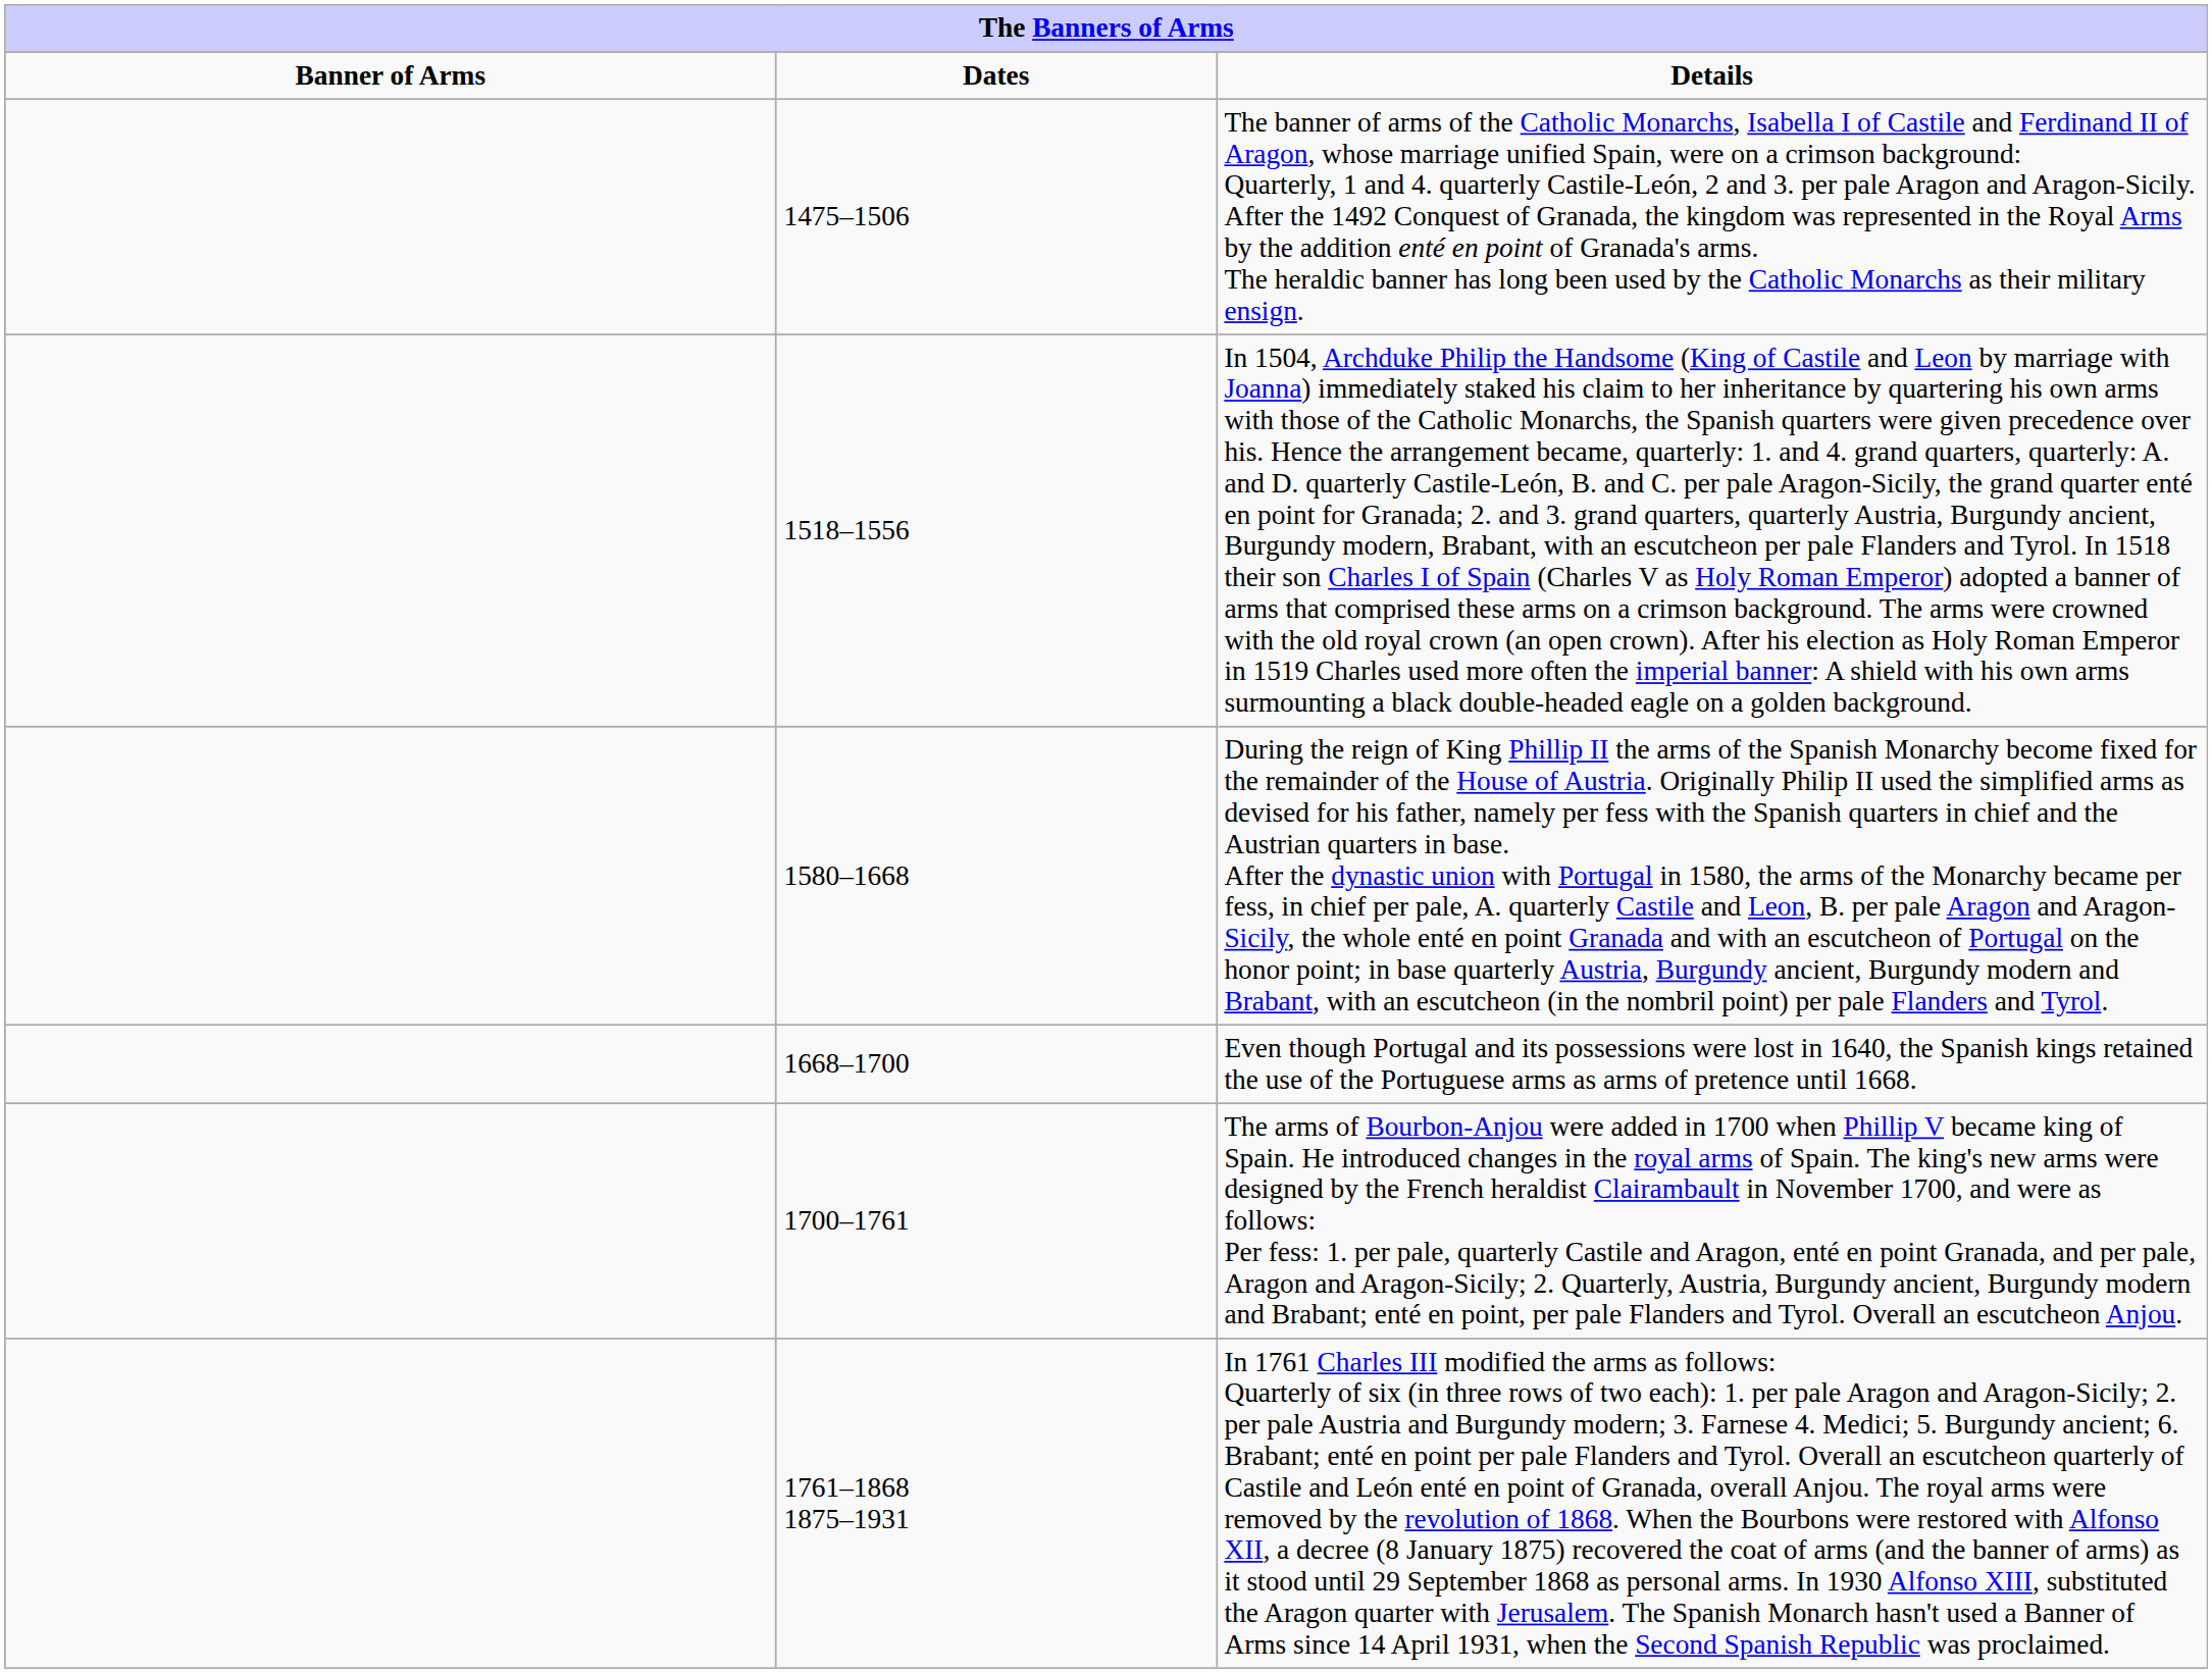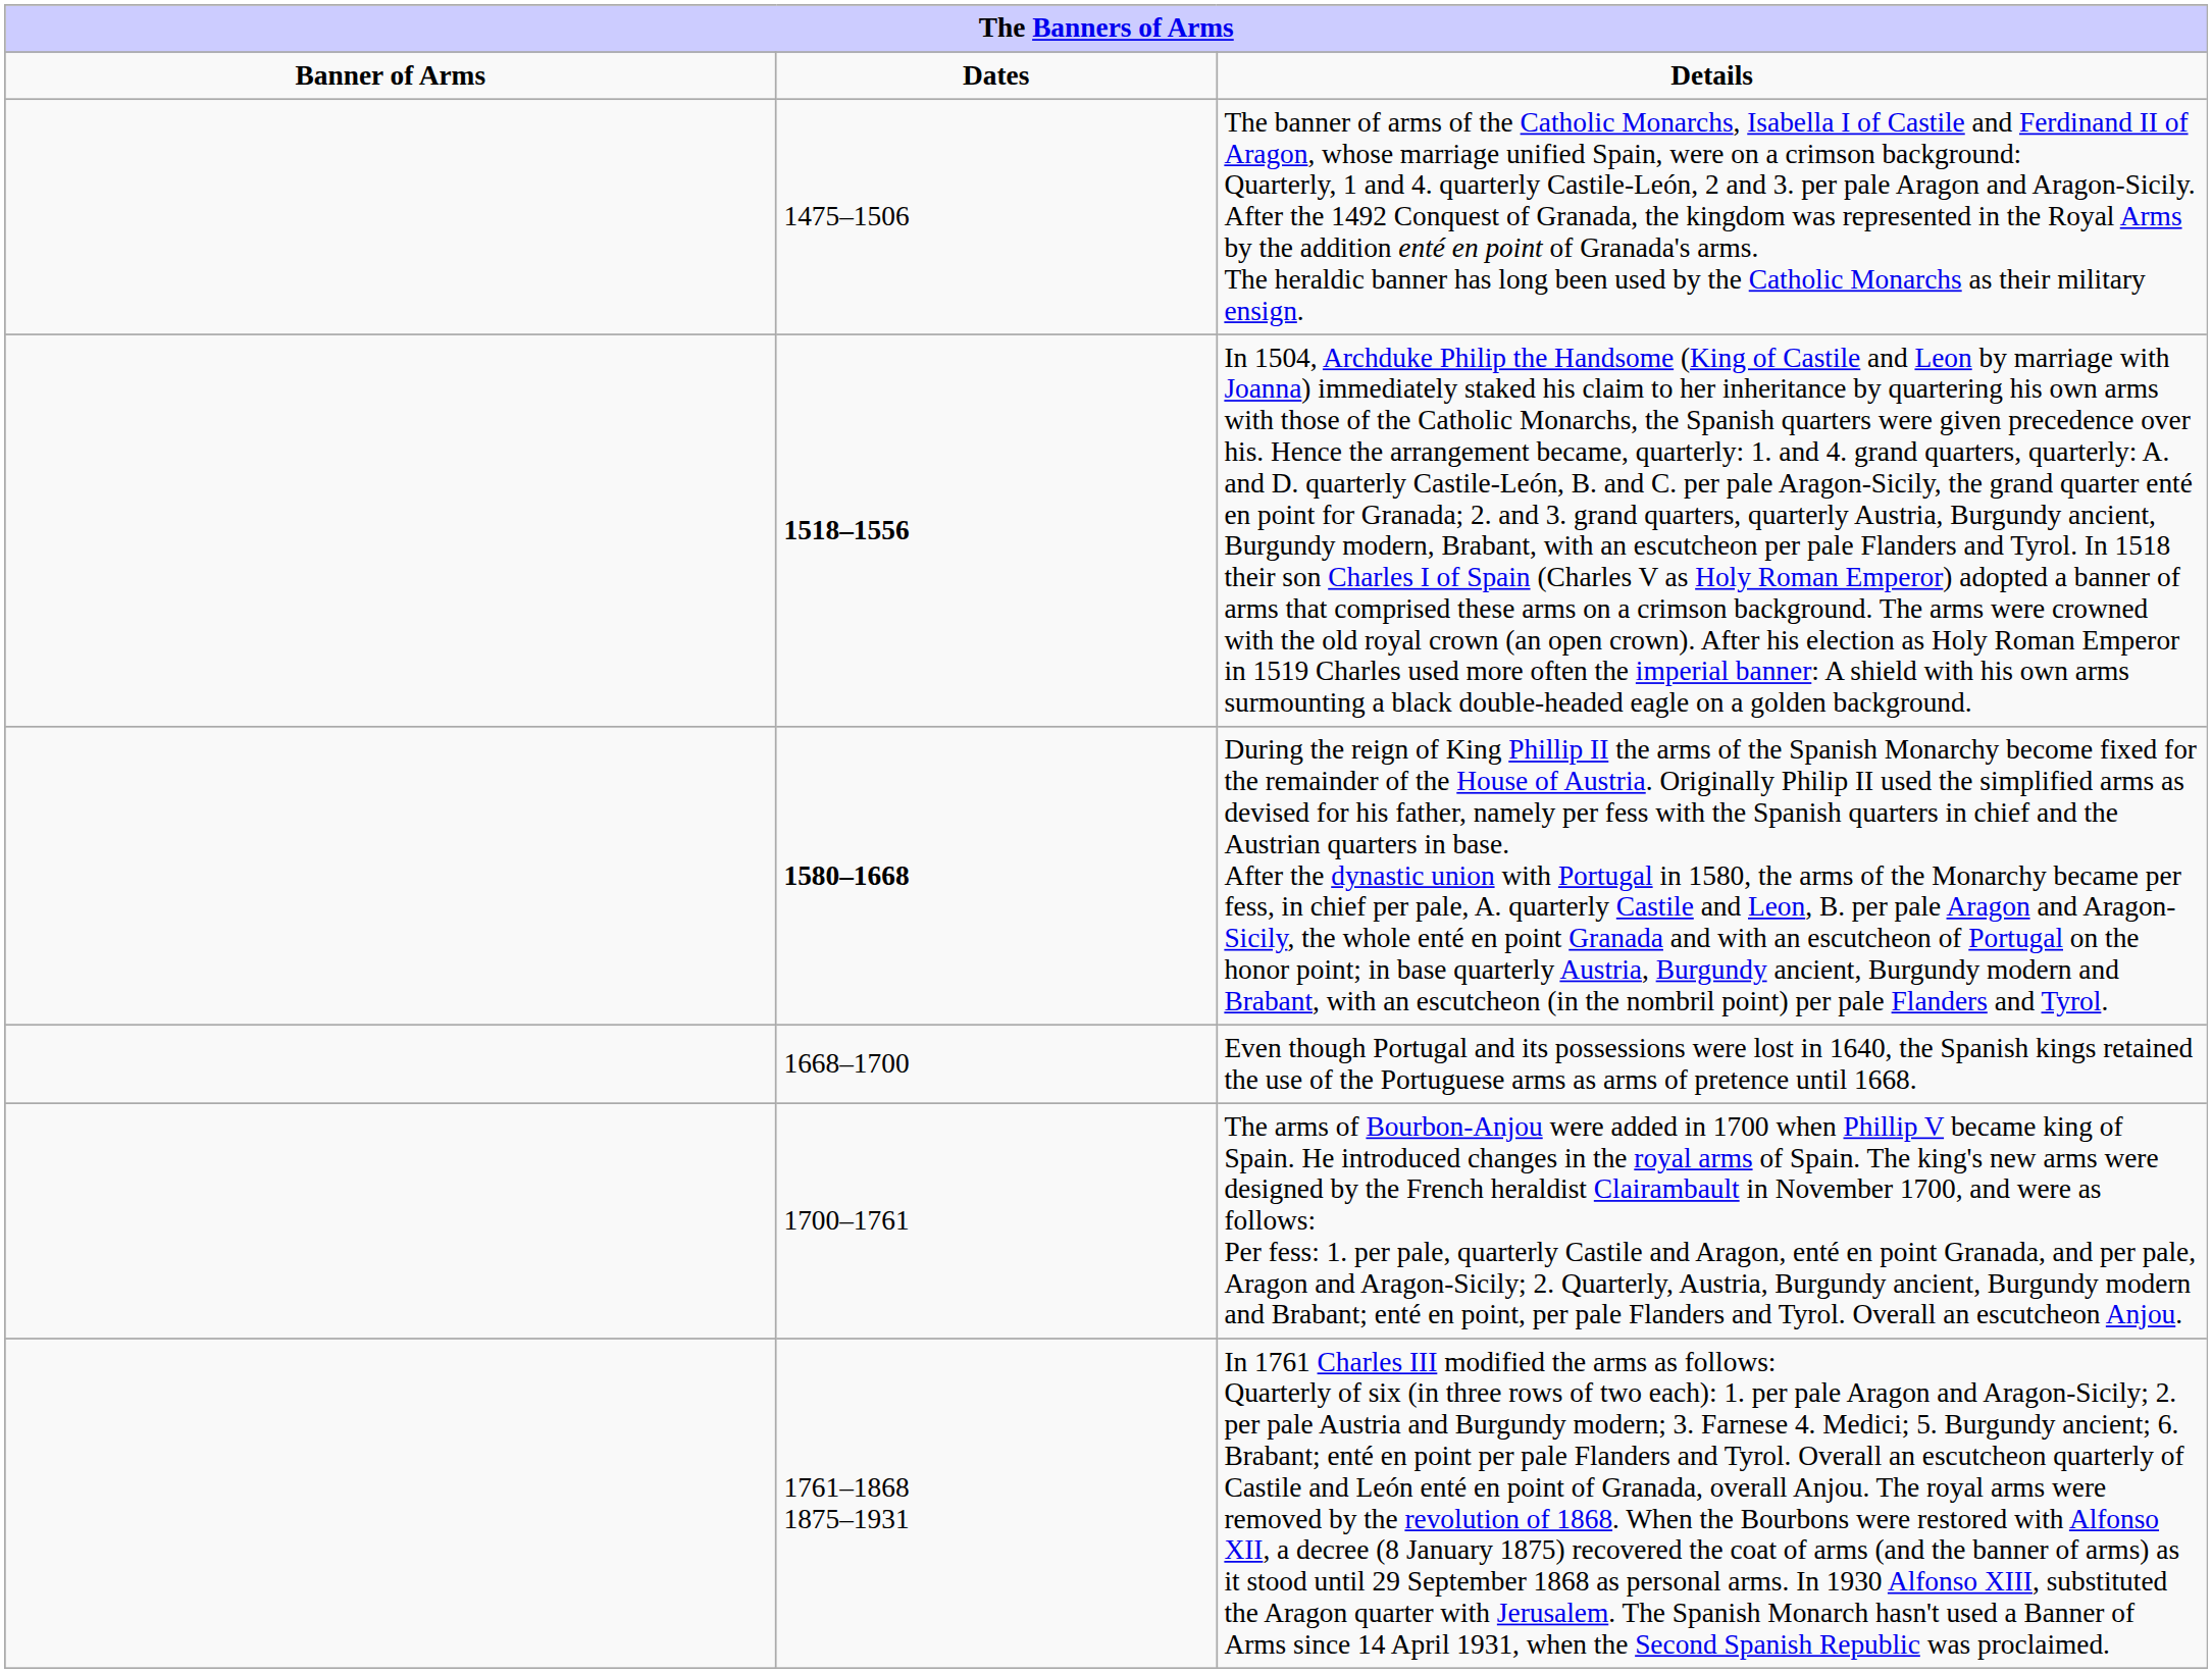 <table width = "100%" border = 1 border="1" cellpadding="4" cellspacing="0" style="margin: 0.5em 1em 0.5em 0; background: #f9f9f9; border: 1px #aaa solid; border-collapse: collapse;">
 <tr>
 <td colspan = "3" bgcolor = "#ccccff" align="center"><strong>The <a href='#'>Banners of Arms</a></strong></td>
 </tr>
 <tr>
 <th width = "35%">Banner of Arms</th>
 <th width = "20%">Dates</th>
 <th width = "45%">Details</th>
 </tr>
 <tr>
 <td> </td>
 <td>1475–1506</td>
 <td>The banner of arms of the <a href='#'>Catholic Monarchs</a>, <a href='#'>Isabella I of Castile</a> and <a href='#'>Ferdinand II of Aragon</a>, whose marriage unified Spain, were on a crimson background:<br>Quarterly, 1 and 4. quarterly Castile-León,  2 and 3. per pale Aragon and Aragon-Sicily.<br>After the 1492 Conquest of Granada, the kingdom was represented in the Royal <a href='#'>Arms</a> by the addition <em>enté en point</em> of Granada's arms.<br>The heraldic banner has long been used by the <a href='#'>Catholic Monarchs</a> as their military <a href='#'>ensign</a>.</td>
 </tr>
 <tr>
 <td></td>
-<td>1518–1556</td>
+<td><strong>1518–1556</strong></td>
 <td>In 1504, <a href='#'>Archduke Philip the Handsome</a> (<a href='#'>King of Castile</a> and <a href='#'>Leon</a> by marriage with <a href='#'>Joanna</a>) immediately staked his claim to her inheritance by quartering his own arms with those of the Catholic Monarchs, the Spanish quarters were given precedence over his. Hence the arrangement became, quarterly: 1. and 4. grand quarters, quarterly: A. and D. quarterly Castile-León, B. and C. per pale Aragon-Sicily, the grand quarter enté en point for Granada; 2. and 3. grand quarters, quarterly Austria, Burgundy ancient, Burgundy modern, Brabant, with an escutcheon per pale Flanders and Tyrol. In 1518 their son <a href='#'>Charles I of Spain</a> (Charles V as <a href='#'>Holy Roman Emperor</a>) adopted a banner of arms that comprised these arms on a crimson background. The arms were crowned with the old royal crown (an open crown). After his election as Holy Roman Emperor in 1519 Charles used more often the <a href='#'>imperial banner</a>: A shield with his own arms surmounting a black double-headed eagle on a golden background.</td>
 </tr>
 <tr>
 <td></td>
-<td>1580–1668</td>
+<td><strong>1580–1668</strong></td>
 <td>During the reign of King <a href='#'>Phillip II</a> the arms of the Spanish Monarchy become fixed for the remainder of the <a href='#'>House of Austria</a>. Originally Philip II used the simplified arms as devised for his father, namely per fess with the Spanish quarters in chief and the Austrian quarters in base.<br>After the <a href='#'>dynastic union</a> with <a href='#'>Portugal</a> in 1580, the arms of the Monarchy became per fess, in chief per pale, A. quarterly <a href='#'>Castile</a> and <a href='#'>Leon</a>, B. per pale <a href='#'>Aragon</a> and Aragon-<a href='#'>Sicily</a>, the whole enté en point <a href='#'>Granada</a> and with an escutcheon of <a href='#'>Portugal</a> on the honor point; in base quarterly <a href='#'>Austria</a>, <a href='#'>Burgundy</a> ancient, Burgundy modern and <a href='#'>Brabant</a>, with an escutcheon (in the nombril point) per pale <a href='#'>Flanders</a> and <a href='#'>Tyrol</a>.</td>
 </tr>
 <tr>
 <td></td>
 <td>1668–1700</td>
 <td>Even though Portugal and its possessions were lost in 1640, the Spanish kings retained the use of the Portuguese arms as arms of pretence until 1668.</td>
 </tr>
 <tr>
 <td></td>
 <td>1700–1761</td>
 <td>The arms of <a href='#'>Bourbon-Anjou</a> were added in 1700 when <a href='#'>Phillip V</a> became king of Spain. He introduced changes in the <a href='#'>royal arms</a> of Spain. The king's new arms were designed by the French heraldist <a href='#'>Clairambault</a> in November 1700, and were as follows:<br>Per fess: 1. per pale, quarterly Castile and Aragon, enté en point Granada, and per pale, Aragon and Aragon-Sicily; 2. Quarterly, Austria, Burgundy ancient, Burgundy modern and Brabant; enté en point, per pale Flanders and Tyrol. Overall an escutcheon <a href='#'>Anjou</a>.</td>
 </tr>
 <tr>
 <td></td>
 <td>1761–1868<br> 1875–1931</td>
 <td>In 1761 <a href='#'>Charles III</a> modified the arms as follows:<br>Quarterly of six (in three rows of two each): 1. per pale Aragon and Aragon-Sicily; 2. per pale Austria and Burgundy modern; 3. Farnese 4. Medici; 5. Burgundy ancient; 6. Brabant; enté en point per pale Flanders and Tyrol. Overall an escutcheon quarterly of Castile and León enté en point of Granada, overall Anjou. The royal arms were removed by the <a href='#'>revolution of 1868</a>. When the Bourbons were restored with <a href='#'>Alfonso XII</a>, a decree (8 January 1875) recovered the coat of arms (and the banner of arms) as it stood until 29 September 1868 as personal arms. In 1930 <a href='#'>Alfonso XIII</a>, substituted the Aragon quarter with <a href='#'>Jerusalem</a>. The Spanish Monarch hasn't used a Banner of Arms since 14 April 1931, when the <a href='#'>Second Spanish Republic</a> was proclaimed.</td>
 </tr>
 </table>
